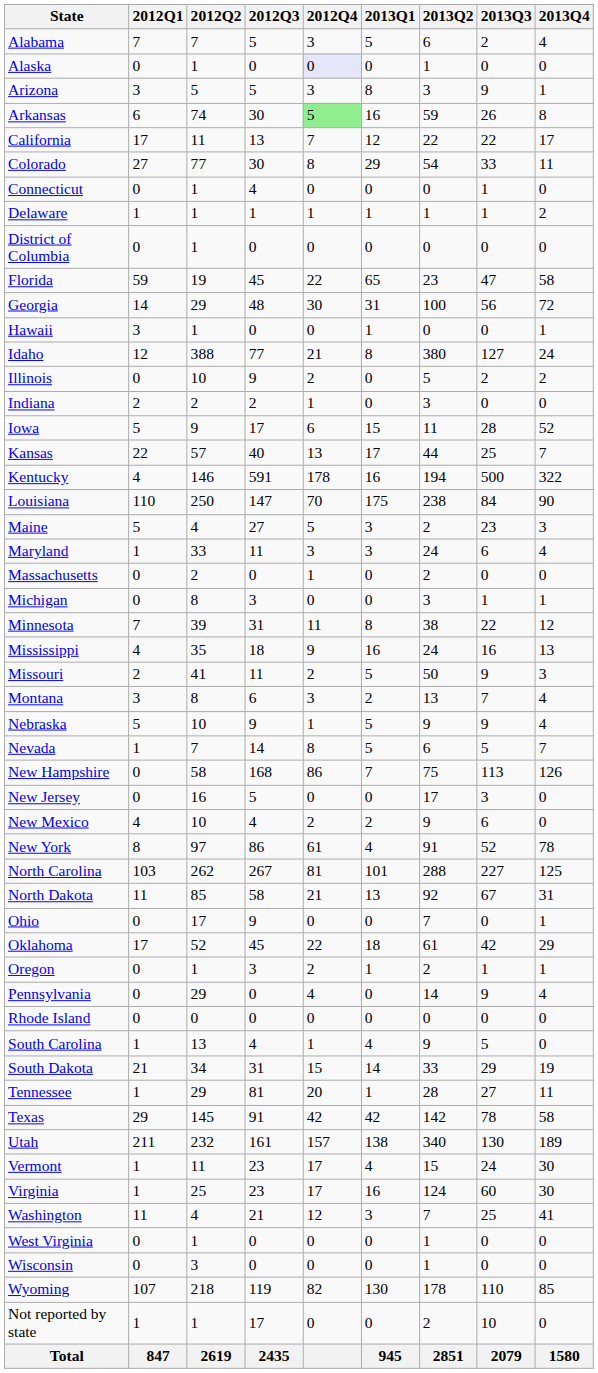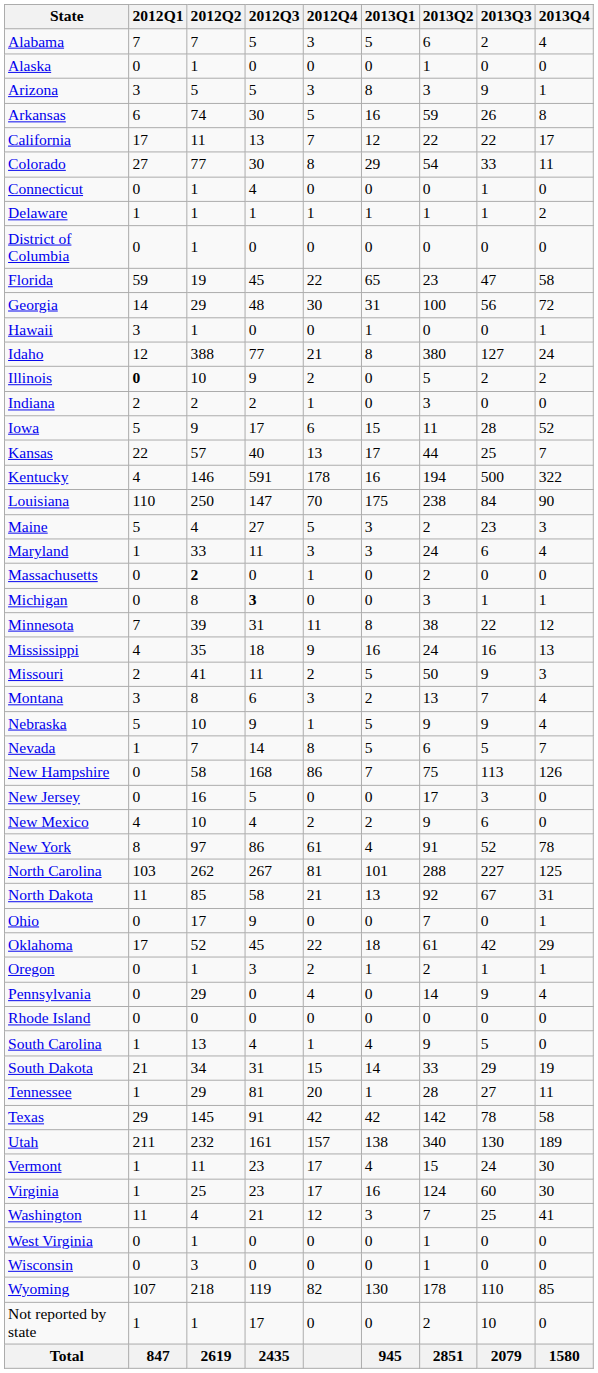 <table class="wikitable sortable" border="1">
 <tr>
 <th>State</th>
 <th>2012Q1</th>
 <th>2012Q2</th>
 <th>2012Q3</th>
 <th>2012Q4</th>
 <th>2013Q1</th>
 <th>2013Q2</th>
 <th>2013Q3</th>
 <th>2013Q4</th>
 </tr>
 <tr>
 <td><a href='#'>Alabama</a></td>
 <td>7</td>
 <td>7</td>
 <td>5</td>
 <td>3</td>
 <td>5</td>
 <td>6</td>
 <td>2</td>
 <td>4</td>
 </tr>
 <tr>
 <td><a href='#'>Alaska</a></td>
 <td>0</td>
 <td>1</td>
 <td>0</td>
-<td style="background: lavender;">0</td>
+<td>0</td>
 <td>0</td>
 <td>1</td>
 <td>0</td>
 <td>0</td>
 </tr>
 <tr>
 <td><a href='#'>Arizona</a></td>
 <td>3</td>
 <td>5</td>
 <td>5</td>
 <td>3</td>
 <td>8</td>
 <td>3</td>
 <td>9</td>
 <td>1</td>
 </tr>
 <tr>
 <td><a href='#'>Arkansas</a></td>
 <td>6</td>
 <td>74</td>
 <td>30</td>
-<td style="background: lightgreen;">5</td>
+<td>5</td>
 <td>16</td>
 <td>59</td>
 <td>26</td>
 <td>8</td>
 </tr>
 <tr>
 <td><a href='#'>California</a></td>
 <td>17</td>
 <td>11</td>
 <td>13</td>
 <td>7</td>
 <td>12</td>
 <td>22</td>
 <td>22</td>
 <td>17</td>
 </tr>
 <tr>
 <td><a href='#'>Colorado</a></td>
 <td>27</td>
 <td>77</td>
 <td>30</td>
 <td>8</td>
 <td>29</td>
 <td>54</td>
 <td>33</td>
 <td>11</td>
 </tr>
 <tr>
 <td><a href='#'>Connecticut</a></td>
 <td>0</td>
 <td>1</td>
 <td>4</td>
 <td>0</td>
 <td>0</td>
 <td>0</td>
 <td>1</td>
 <td>0</td>
 </tr>
 <tr>
 <td><a href='#'>Delaware</a></td>
 <td>1</td>
 <td>1</td>
 <td>1</td>
 <td>1</td>
 <td>1</td>
 <td>1</td>
 <td>1</td>
 <td>2</td>
 </tr>
 <tr>
 <td><a href='#'>District of Columbia</a></td>
 <td>0</td>
 <td>1</td>
 <td>0</td>
 <td>0</td>
 <td>0</td>
 <td>0</td>
 <td>0</td>
 <td>0</td>
 </tr>
 <tr>
 <td><a href='#'>Florida</a></td>
 <td>59</td>
 <td>19</td>
 <td>45</td>
 <td>22</td>
 <td>65</td>
 <td>23</td>
 <td>47</td>
 <td>58</td>
 </tr>
 <tr>
 <td><a href='#'>Georgia</a></td>
 <td>14</td>
 <td>29</td>
 <td>48</td>
 <td>30</td>
 <td>31</td>
 <td>100</td>
 <td>56</td>
 <td>72</td>
 </tr>
 <tr>
 <td><a href='#'>Hawaii</a></td>
 <td>3</td>
 <td>1</td>
 <td>0</td>
 <td>0</td>
 <td>1</td>
 <td>0</td>
 <td>0</td>
 <td>1</td>
 </tr>
 <tr>
 <td><a href='#'>Idaho</a></td>
 <td>12</td>
 <td>388</td>
 <td>77</td>
 <td>21</td>
 <td>8</td>
 <td>380</td>
 <td>127</td>
 <td>24</td>
 </tr>
 <tr>
 <td><a href='#'>Illinois</a></td>
-<td>0</td>
+<td><strong>0</strong></td>
 <td>10</td>
 <td>9</td>
 <td>2</td>
 <td>0</td>
 <td>5</td>
 <td>2</td>
 <td>2</td>
 </tr>
 <tr>
 <td><a href='#'>Indiana</a></td>
 <td>2</td>
 <td>2</td>
 <td>2</td>
 <td>1</td>
 <td>0</td>
 <td>3</td>
 <td>0</td>
 <td>0</td>
 </tr>
 <tr>
 <td><a href='#'>Iowa</a></td>
 <td>5</td>
 <td>9</td>
 <td>17</td>
 <td>6</td>
 <td>15</td>
 <td>11</td>
 <td>28</td>
 <td>52</td>
 </tr>
 <tr>
 <td><a href='#'>Kansas</a></td>
 <td>22</td>
 <td>57</td>
 <td>40</td>
 <td>13</td>
 <td>17</td>
 <td>44</td>
 <td>25</td>
 <td>7</td>
 </tr>
 <tr>
 <td><a href='#'>Kentucky</a></td>
 <td>4</td>
 <td>146</td>
 <td>591</td>
 <td>178</td>
 <td>16</td>
 <td>194</td>
 <td>500</td>
 <td>322</td>
 </tr>
 <tr>
 <td><a href='#'>Louisiana</a></td>
 <td>110</td>
 <td>250</td>
 <td>147</td>
 <td>70</td>
 <td>175</td>
 <td>238</td>
 <td>84</td>
 <td>90</td>
 </tr>
 <tr>
 <td><a href='#'>Maine</a></td>
 <td>5</td>
 <td>4</td>
 <td>27</td>
 <td>5</td>
 <td>3</td>
 <td>2</td>
 <td>23</td>
 <td>3</td>
 </tr>
 <tr>
 <td><a href='#'>Maryland</a></td>
 <td>1</td>
 <td>33</td>
 <td>11</td>
 <td>3</td>
 <td>3</td>
 <td>24</td>
 <td>6</td>
 <td>4</td>
 </tr>
 <tr>
 <td><a href='#'>Massachusetts</a></td>
 <td>0</td>
-<td>2</td>
+<td><strong>2</strong></td>
 <td>0</td>
 <td>1</td>
 <td>0</td>
 <td>2</td>
 <td>0</td>
 <td>0</td>
 </tr>
 <tr>
 <td><a href='#'>Michigan</a></td>
 <td>0</td>
 <td>8</td>
-<td>3</td>
+<td><strong>3</strong></td>
 <td>0</td>
 <td>0</td>
 <td>3</td>
 <td>1</td>
 <td>1</td>
 </tr>
 <tr>
 <td><a href='#'>Minnesota</a></td>
 <td>7</td>
 <td>39</td>
 <td>31</td>
 <td>11</td>
 <td>8</td>
 <td>38</td>
 <td>22</td>
 <td>12</td>
 </tr>
 <tr>
 <td><a href='#'>Mississippi</a></td>
 <td>4</td>
 <td>35</td>
 <td>18</td>
 <td>9</td>
 <td>16</td>
 <td>24</td>
 <td>16</td>
 <td>13</td>
 </tr>
 <tr>
 <td><a href='#'>Missouri</a></td>
 <td>2</td>
 <td>41</td>
 <td>11</td>
 <td>2</td>
 <td>5</td>
 <td>50</td>
 <td>9</td>
 <td>3</td>
 </tr>
 <tr>
 <td><a href='#'>Montana</a></td>
 <td>3</td>
 <td>8</td>
 <td>6</td>
 <td>3</td>
 <td>2</td>
 <td>13</td>
 <td>7</td>
 <td>4</td>
 </tr>
 <tr>
 <td><a href='#'>Nebraska</a></td>
 <td>5</td>
 <td>10</td>
 <td>9</td>
 <td>1</td>
 <td>5</td>
 <td>9</td>
 <td>9</td>
 <td>4</td>
 </tr>
 <tr>
 <td><a href='#'>Nevada</a></td>
 <td>1</td>
 <td>7</td>
 <td>14</td>
 <td>8</td>
 <td>5</td>
 <td>6</td>
 <td>5</td>
 <td>7</td>
 </tr>
 <tr>
 <td><a href='#'>New Hampshire</a></td>
 <td>0</td>
 <td>58</td>
 <td>168</td>
 <td>86</td>
 <td>7</td>
 <td>75</td>
 <td>113</td>
 <td>126</td>
 </tr>
 <tr>
 <td><a href='#'>New Jersey</a></td>
 <td>0</td>
 <td>16</td>
 <td>5</td>
 <td>0</td>
 <td>0</td>
 <td>17</td>
 <td>3</td>
 <td>0</td>
 </tr>
 <tr>
 <td><a href='#'>New Mexico</a></td>
 <td>4</td>
 <td>10</td>
 <td>4</td>
 <td>2</td>
 <td>2</td>
 <td>9</td>
 <td>6</td>
 <td>0</td>
 </tr>
 <tr>
 <td><a href='#'>New York</a></td>
 <td>8</td>
 <td>97</td>
 <td>86</td>
 <td>61</td>
 <td>4</td>
 <td>91</td>
 <td>52</td>
 <td>78</td>
 </tr>
 <tr>
 <td><a href='#'>North Carolina</a></td>
 <td>103</td>
 <td>262</td>
 <td>267</td>
 <td>81</td>
 <td>101</td>
 <td>288</td>
 <td>227</td>
 <td>125</td>
 </tr>
 <tr>
 <td><a href='#'>North Dakota</a></td>
 <td>11</td>
 <td>85</td>
 <td>58</td>
 <td>21</td>
 <td>13</td>
 <td>92</td>
 <td>67</td>
 <td>31</td>
 </tr>
 <tr>
 <td><a href='#'>Ohio</a></td>
 <td>0</td>
 <td>17</td>
 <td>9</td>
 <td>0</td>
 <td>0</td>
 <td>7</td>
 <td>0</td>
 <td>1</td>
 </tr>
 <tr>
 <td><a href='#'>Oklahoma</a></td>
 <td>17</td>
 <td>52</td>
 <td>45</td>
 <td>22</td>
 <td>18</td>
 <td>61</td>
 <td>42</td>
 <td>29</td>
 </tr>
 <tr>
 <td><a href='#'>Oregon</a></td>
 <td>0</td>
 <td>1</td>
 <td>3</td>
 <td>2</td>
 <td>1</td>
 <td>2</td>
 <td>1</td>
 <td>1</td>
 </tr>
 <tr>
 <td><a href='#'>Pennsylvania</a></td>
 <td>0</td>
 <td>29</td>
 <td>0</td>
 <td>4</td>
 <td>0</td>
 <td>14</td>
 <td>9</td>
 <td>4</td>
 </tr>
 <tr>
 <td><a href='#'>Rhode Island</a></td>
 <td>0</td>
 <td>0</td>
 <td>0</td>
 <td>0</td>
 <td>0</td>
 <td>0</td>
 <td>0</td>
 <td>0</td>
 </tr>
 <tr>
 <td><a href='#'>South Carolina</a></td>
 <td>1</td>
 <td>13</td>
 <td>4</td>
 <td>1</td>
 <td>4</td>
 <td>9</td>
 <td>5</td>
 <td>0</td>
 </tr>
 <tr>
 <td><a href='#'>South Dakota</a></td>
 <td>21</td>
 <td>34</td>
 <td>31</td>
 <td>15</td>
 <td>14</td>
 <td>33</td>
 <td>29</td>
 <td>19</td>
 </tr>
 <tr>
 <td><a href='#'>Tennessee</a></td>
 <td>1</td>
 <td>29</td>
 <td>81</td>
 <td>20</td>
 <td>1</td>
 <td>28</td>
 <td>27</td>
 <td>11</td>
 </tr>
 <tr>
 <td><a href='#'>Texas</a></td>
 <td>29</td>
 <td>145</td>
 <td>91</td>
 <td>42</td>
 <td>42</td>
 <td>142</td>
 <td>78</td>
 <td>58</td>
 </tr>
 <tr>
 <td><a href='#'>Utah</a></td>
 <td>211</td>
 <td>232</td>
 <td>161</td>
 <td>157</td>
 <td>138</td>
 <td>340</td>
 <td>130</td>
 <td>189</td>
 </tr>
 <tr>
 <td><a href='#'>Vermont</a></td>
 <td>1</td>
 <td>11</td>
 <td>23</td>
 <td>17</td>
 <td>4</td>
 <td>15</td>
 <td>24</td>
 <td>30</td>
 </tr>
 <tr>
 <td><a href='#'>Virginia</a></td>
 <td>1</td>
 <td>25</td>
 <td>23</td>
 <td>17</td>
 <td>16</td>
 <td>124</td>
 <td>60</td>
 <td>30</td>
 </tr>
 <tr>
 <td><a href='#'>Washington</a></td>
 <td>11</td>
 <td>4</td>
 <td>21</td>
 <td>12</td>
 <td>3</td>
 <td>7</td>
 <td>25</td>
 <td>41</td>
 </tr>
 <tr>
 <td><a href='#'>West Virginia</a></td>
 <td>0</td>
 <td>1</td>
 <td>0</td>
 <td>0</td>
 <td>0</td>
 <td>1</td>
 <td>0</td>
 <td>0</td>
 </tr>
 <tr>
 <td><a href='#'>Wisconsin</a></td>
 <td>0</td>
 <td>3</td>
 <td>0</td>
 <td>0</td>
 <td>0</td>
 <td>1</td>
 <td>0</td>
 <td>0</td>
 </tr>
 <tr>
 <td><a href='#'>Wyoming</a></td>
 <td>107</td>
 <td>218</td>
 <td>119</td>
 <td>82</td>
 <td>130</td>
 <td>178</td>
 <td>110</td>
 <td>85</td>
 </tr>
 <tr>
 <td>Not reported by state</td>
 <td>1</td>
 <td>1</td>
 <td>17</td>
 <td>0</td>
 <td>0</td>
 <td>2</td>
 <td>10</td>
 <td>0</td>
 </tr>
 <tr>
 <th>Total</th>
 <th>847</th>
 <th>2619</th>
 <th>2435</th>
 <th></th>
 <th>945</th>
 <th>2851</th>
 <th>2079</th>
 <th>1580</th>
 </tr>
 </table>
